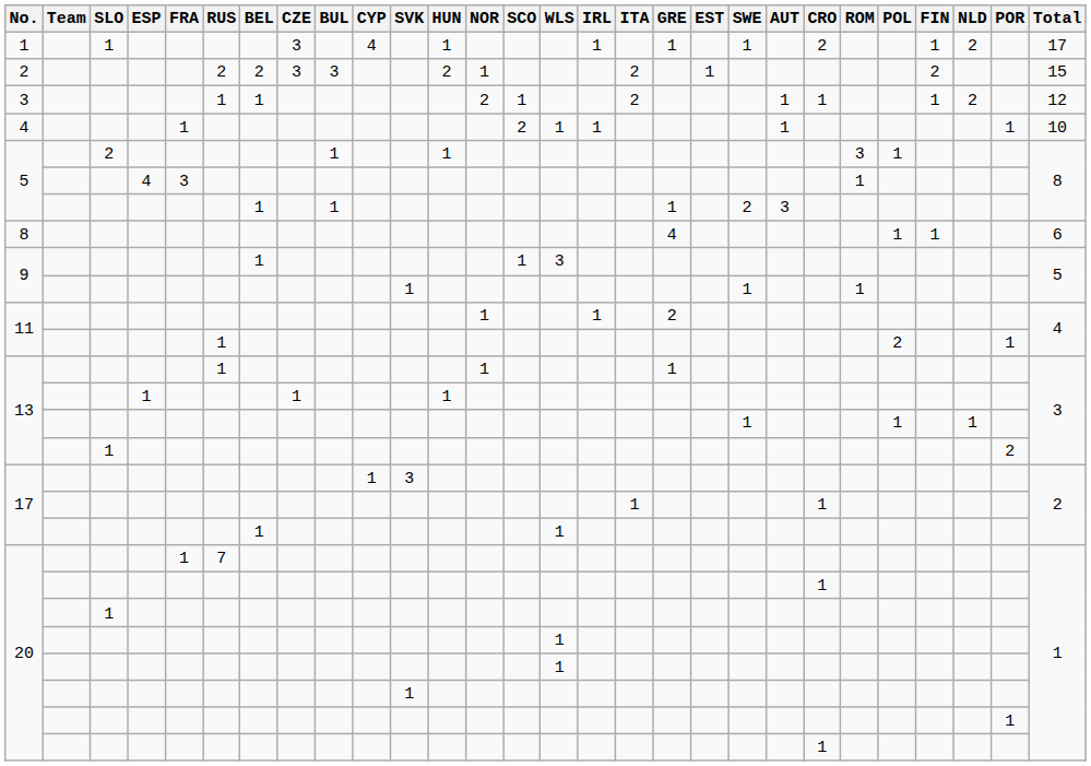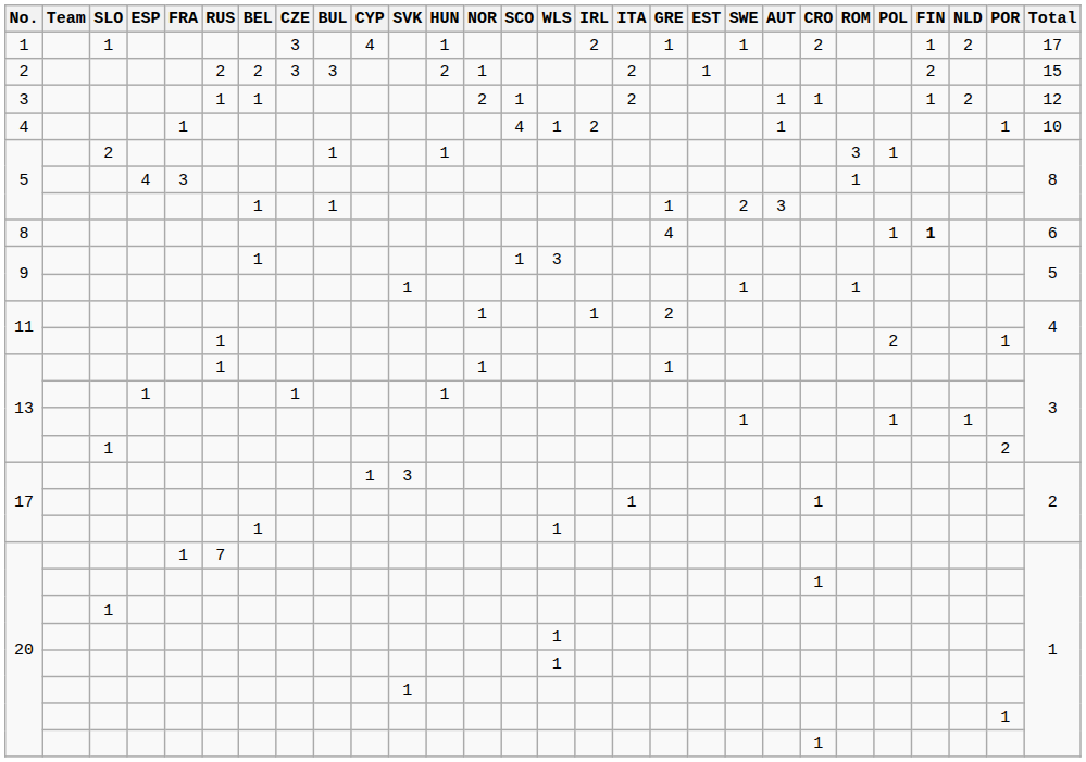 <table class=wikitable style="font-size:80%; text-align:center">
 <tr>
 <th>No.</th>
 <th>Team</th>
 <th>SLO</th>
 <th>ESP</th>
 <th>FRA</th>
 <th>RUS</th>
 <th>BEL</th>
 <th>CZE</th>
 <th>BUL</th>
 <th>CYP</th>
 <th>SVK</th>
 <th>HUN</th>
 <th>NOR</th>
 <th>SCO</th>
 <th>WLS</th>
 <th>IRL</th>
 <th>ITA</th>
 <th>GRE</th>
 <th>EST</th>
 <th>SWE</th>
 <th>AUT</th>
 <th>CRO</th>
 <th>ROM</th>
 <th>POL</th>
 <th>FIN</th>
 <th>NLD</th>
 <th>POR</th>
 <th>Total</th>
 </tr>
 <tr>
 <td>1</td>
 <td align=left></td>
 <td>1</td>
 <td></td>
 <td></td>
 <td></td>
 <td></td>
 <td>3</td>
 <td></td>
 <td>4</td>
 <td></td>
 <td>1</td>
 <td></td>
 <td></td>
 <td></td>
-<td>1</td>
+<td>2</td>
 <td></td>
 <td>1</td>
 <td></td>
 <td>1</td>
 <td></td>
 <td>2</td>
 <td></td>
 <td></td>
 <td>1</td>
 <td>2</td>
 <td></td>
 <td>17</td>
 </tr>
 <tr>
 <td>2</td>
 <td align=left></td>
 <td></td>
 <td></td>
 <td></td>
 <td>2</td>
 <td>2</td>
 <td>3</td>
 <td>3</td>
 <td></td>
 <td></td>
 <td>2</td>
 <td>1</td>
 <td></td>
 <td></td>
 <td></td>
 <td>2</td>
 <td></td>
 <td>1</td>
 <td></td>
 <td></td>
 <td></td>
 <td></td>
 <td></td>
 <td>2</td>
 <td></td>
 <td></td>
 <td>15</td>
 </tr>
 <tr>
 <td>3</td>
 <td align=left></td>
 <td></td>
 <td></td>
 <td></td>
 <td>1</td>
 <td>1</td>
 <td></td>
 <td></td>
 <td></td>
 <td></td>
 <td></td>
 <td>2</td>
 <td>1</td>
 <td></td>
 <td></td>
 <td>2</td>
 <td></td>
 <td></td>
 <td></td>
 <td>1</td>
 <td>1</td>
 <td></td>
 <td></td>
 <td>1</td>
 <td>2</td>
 <td></td>
 <td>12</td>
 </tr>
 <tr>
 <td>4</td>
 <td align=left></td>
 <td></td>
 <td></td>
 <td>1</td>
 <td></td>
 <td></td>
 <td></td>
 <td></td>
 <td></td>
 <td></td>
 <td></td>
 <td></td>
+<td>4</td>
+<td>1</td>
 <td>2</td>
-<td>1</td>
-<td>1</td>
 <td></td>
 <td></td>
 <td></td>
 <td></td>
 <td>1</td>
 <td></td>
 <td></td>
 <td></td>
 <td></td>
 <td></td>
 <td>1</td>
 <td>10</td>
 </tr>
 <tr>
 <td rowspan=3>5</td>
 <td align=left></td>
 <td>2</td>
 <td></td>
 <td></td>
 <td></td>
 <td></td>
 <td></td>
 <td>1</td>
 <td></td>
 <td></td>
 <td>1</td>
 <td></td>
 <td></td>
 <td></td>
 <td></td>
 <td></td>
 <td></td>
 <td></td>
 <td></td>
 <td></td>
 <td></td>
 <td>3</td>
 <td>1</td>
 <td></td>
 <td></td>
 <td></td>
 <td rowspan=3>8</td>
 </tr>
 <tr>
 <td align=left></td>
 <td></td>
 <td>4</td>
 <td>3</td>
 <td></td>
 <td></td>
 <td></td>
 <td></td>
 <td></td>
 <td></td>
 <td></td>
 <td></td>
 <td></td>
 <td></td>
 <td></td>
 <td></td>
 <td></td>
 <td></td>
 <td></td>
 <td></td>
 <td></td>
 <td>1</td>
 <td></td>
 <td></td>
 <td></td>
 <td></td>
 </tr>
 <tr>
 <td align=left></td>
 <td></td>
 <td></td>
 <td></td>
 <td></td>
 <td>1</td>
 <td></td>
 <td>1</td>
 <td></td>
 <td></td>
 <td></td>
 <td></td>
 <td></td>
 <td></td>
 <td></td>
 <td></td>
 <td>1</td>
 <td></td>
 <td>2</td>
 <td>3</td>
 <td></td>
 <td></td>
 <td></td>
 <td></td>
 <td></td>
 <td></td>
 </tr>
 <tr>
 <td>8</td>
 <td align=left></td>
 <td></td>
 <td></td>
 <td></td>
 <td></td>
 <td></td>
 <td></td>
 <td></td>
 <td></td>
 <td></td>
 <td></td>
 <td></td>
 <td></td>
 <td></td>
 <td></td>
 <td></td>
 <td>4</td>
 <td></td>
 <td></td>
 <td></td>
 <td></td>
 <td></td>
 <td>1</td>
-<td>1</td>
+<td><strong>1</strong></td>
 <td></td>
 <td></td>
 <td>6</td>
 </tr>
 <tr>
 <td rowspan=2>9</td>
 <td align=left></td>
 <td></td>
 <td></td>
 <td></td>
 <td></td>
 <td>1</td>
 <td></td>
 <td></td>
 <td></td>
 <td></td>
 <td></td>
 <td></td>
 <td>1</td>
 <td>3</td>
 <td></td>
 <td></td>
 <td></td>
 <td></td>
 <td></td>
 <td></td>
 <td></td>
 <td></td>
 <td></td>
 <td></td>
 <td></td>
 <td></td>
 <td rowspan=2>5</td>
 </tr>
 <tr>
 <td align=left></td>
 <td></td>
 <td></td>
 <td></td>
 <td></td>
 <td></td>
 <td></td>
 <td></td>
 <td></td>
 <td>1</td>
 <td></td>
 <td></td>
 <td></td>
 <td></td>
 <td></td>
 <td></td>
 <td></td>
 <td></td>
 <td>1</td>
 <td></td>
 <td></td>
 <td>1</td>
 <td></td>
 <td></td>
 <td></td>
 <td></td>
 </tr>
 <tr>
 <td rowspan=2>11</td>
 <td align=left></td>
 <td></td>
 <td></td>
 <td></td>
 <td></td>
 <td></td>
 <td></td>
 <td></td>
 <td></td>
 <td></td>
 <td></td>
 <td>1</td>
 <td></td>
 <td></td>
 <td>1</td>
 <td></td>
 <td>2</td>
 <td></td>
 <td></td>
 <td></td>
 <td></td>
 <td></td>
 <td></td>
 <td></td>
 <td></td>
 <td></td>
 <td rowspan=2>4</td>
 </tr>
 <tr>
 <td align=left></td>
 <td></td>
 <td></td>
 <td></td>
 <td>1</td>
 <td></td>
 <td></td>
 <td></td>
 <td></td>
 <td></td>
 <td></td>
 <td></td>
 <td></td>
 <td></td>
 <td></td>
 <td></td>
 <td></td>
 <td></td>
 <td></td>
 <td></td>
 <td></td>
 <td></td>
 <td>2</td>
 <td></td>
 <td></td>
 <td>1</td>
 </tr>
 <tr>
 <td rowspan=4>13</td>
 <td align=left></td>
 <td></td>
 <td></td>
 <td></td>
 <td>1</td>
 <td></td>
 <td></td>
 <td></td>
 <td></td>
 <td></td>
 <td></td>
 <td>1</td>
 <td></td>
 <td></td>
 <td></td>
 <td></td>
 <td>1</td>
 <td></td>
 <td></td>
 <td></td>
 <td></td>
 <td></td>
 <td></td>
 <td></td>
 <td></td>
 <td></td>
 <td rowspan=4>3</td>
 </tr>
 <tr>
 <td align=left></td>
 <td></td>
 <td>1</td>
 <td></td>
 <td></td>
 <td></td>
 <td>1</td>
 <td></td>
 <td></td>
 <td></td>
 <td>1</td>
 <td></td>
 <td></td>
 <td></td>
 <td></td>
 <td></td>
 <td></td>
 <td></td>
 <td></td>
 <td></td>
 <td></td>
 <td></td>
 <td></td>
 <td></td>
 <td></td>
 <td></td>
 </tr>
 <tr>
 <td align=left></td>
 <td></td>
 <td></td>
 <td></td>
 <td></td>
 <td></td>
 <td></td>
 <td></td>
 <td></td>
 <td></td>
 <td></td>
 <td></td>
 <td></td>
 <td></td>
 <td></td>
 <td></td>
 <td></td>
 <td></td>
 <td>1</td>
 <td></td>
 <td></td>
 <td></td>
 <td>1</td>
 <td></td>
 <td>1</td>
 <td></td>
 </tr>
 <tr>
 <td align=left></td>
 <td>1</td>
 <td></td>
 <td></td>
 <td></td>
 <td></td>
 <td></td>
 <td></td>
 <td></td>
 <td></td>
 <td></td>
 <td></td>
 <td></td>
 <td></td>
 <td></td>
 <td></td>
 <td></td>
 <td></td>
 <td></td>
 <td></td>
 <td></td>
 <td></td>
 <td></td>
 <td></td>
 <td></td>
 <td>2</td>
 </tr>
 <tr>
 <td rowspan=3>17</td>
 <td align=left></td>
 <td></td>
 <td></td>
 <td></td>
 <td></td>
 <td></td>
 <td></td>
 <td></td>
 <td>1</td>
 <td>3</td>
 <td></td>
 <td></td>
 <td></td>
 <td></td>
 <td></td>
 <td></td>
 <td></td>
 <td></td>
 <td></td>
 <td></td>
 <td></td>
 <td></td>
 <td></td>
 <td></td>
 <td></td>
 <td></td>
 <td rowspan=3>2</td>
 </tr>
 <tr>
 <td align=left></td>
 <td></td>
 <td></td>
 <td></td>
 <td></td>
 <td></td>
 <td></td>
 <td></td>
 <td></td>
 <td></td>
 <td></td>
 <td></td>
 <td></td>
 <td></td>
 <td></td>
 <td>1</td>
 <td></td>
 <td></td>
 <td></td>
 <td></td>
 <td>1</td>
 <td></td>
 <td></td>
 <td></td>
 <td></td>
 <td></td>
 </tr>
 <tr>
 <td align=left></td>
 <td></td>
 <td></td>
 <td></td>
 <td></td>
 <td>1</td>
 <td></td>
 <td></td>
 <td></td>
 <td></td>
 <td></td>
 <td></td>
 <td></td>
 <td>1</td>
 <td></td>
 <td></td>
 <td></td>
 <td></td>
 <td></td>
 <td></td>
 <td></td>
 <td></td>
 <td></td>
 <td></td>
 <td></td>
 <td></td>
 </tr>
 <tr>
 <td rowspan=8>20</td>
 <td align=left></td>
 <td></td>
 <td></td>
 <td>1</td>
 <td>7</td>
 <td></td>
 <td></td>
 <td></td>
 <td></td>
 <td></td>
 <td></td>
 <td></td>
 <td></td>
 <td></td>
 <td></td>
 <td></td>
 <td></td>
 <td></td>
 <td></td>
 <td></td>
 <td></td>
 <td></td>
 <td></td>
 <td></td>
 <td></td>
 <td></td>
 <td rowspan=8>1</td>
 </tr>
 <tr>
 <td align=left></td>
 <td></td>
 <td></td>
 <td></td>
 <td></td>
 <td></td>
 <td></td>
 <td></td>
 <td></td>
 <td></td>
 <td></td>
 <td></td>
 <td></td>
 <td></td>
 <td></td>
 <td></td>
 <td></td>
 <td></td>
 <td></td>
 <td></td>
 <td>1</td>
 <td></td>
 <td></td>
 <td></td>
 <td></td>
 <td></td>
 </tr>
 <tr>
 <td align=left></td>
 <td>1</td>
 <td></td>
 <td></td>
 <td></td>
 <td></td>
 <td></td>
 <td></td>
 <td></td>
 <td></td>
 <td></td>
 <td></td>
 <td></td>
 <td></td>
 <td></td>
 <td></td>
 <td></td>
 <td></td>
 <td></td>
 <td></td>
 <td></td>
 <td></td>
 <td></td>
 <td></td>
 <td></td>
 <td></td>
 </tr>
 <tr>
 <td align=left></td>
 <td></td>
 <td></td>
 <td></td>
 <td></td>
 <td></td>
 <td></td>
 <td></td>
 <td></td>
 <td></td>
 <td></td>
 <td></td>
 <td></td>
 <td>1</td>
 <td></td>
 <td></td>
 <td></td>
 <td></td>
 <td></td>
 <td></td>
 <td></td>
 <td></td>
 <td></td>
 <td></td>
 <td></td>
 <td></td>
 </tr>
 <tr>
 <td align=left></td>
 <td></td>
 <td></td>
 <td></td>
 <td></td>
 <td></td>
 <td></td>
 <td></td>
 <td></td>
 <td></td>
 <td></td>
 <td></td>
 <td></td>
 <td>1</td>
 <td></td>
 <td></td>
 <td></td>
 <td></td>
 <td></td>
 <td></td>
 <td></td>
 <td></td>
 <td></td>
 <td></td>
 <td></td>
 <td></td>
 </tr>
 <tr>
 <td align=left></td>
 <td></td>
 <td></td>
 <td></td>
 <td></td>
 <td></td>
 <td></td>
 <td></td>
 <td></td>
 <td>1</td>
 <td></td>
 <td></td>
 <td></td>
 <td></td>
 <td></td>
 <td></td>
 <td></td>
 <td></td>
 <td></td>
 <td></td>
 <td></td>
 <td></td>
 <td></td>
 <td></td>
 <td></td>
 <td></td>
 </tr>
 <tr>
 <td align=left></td>
 <td></td>
 <td></td>
 <td></td>
 <td></td>
 <td></td>
 <td></td>
 <td></td>
 <td></td>
 <td></td>
 <td></td>
 <td></td>
 <td></td>
 <td></td>
 <td></td>
 <td></td>
 <td></td>
 <td></td>
 <td></td>
 <td></td>
 <td></td>
 <td></td>
 <td></td>
 <td></td>
 <td></td>
 <td>1</td>
 </tr>
 <tr>
 <td align=left></td>
 <td></td>
 <td></td>
 <td></td>
 <td></td>
 <td></td>
 <td></td>
 <td></td>
 <td></td>
 <td></td>
 <td></td>
 <td></td>
 <td></td>
 <td></td>
 <td></td>
 <td></td>
 <td></td>
 <td></td>
 <td></td>
 <td></td>
 <td>1</td>
 <td></td>
 <td></td>
 <td></td>
 <td></td>
 <td></td>
 </tr>
 </table>
